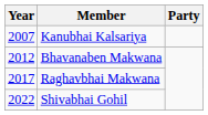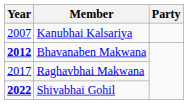 <table class="wikitable sortable">
 <tr>
 <th>Year</th>
 <th>Member</th>
 <th colspan="2">Party</th>
 </tr>
 <tr>
 <td><a href='#'>2007</a></td>
 <td><a href='#'>Kanubhai Kalsariya</a></td>
 <td></td>
 </tr>
 <tr>
-<td><a href='#'>2012</a></td>
+<td><strong><a href='#'>2012</a></strong></td>
 <td><a href='#'>Bhavanaben Makwana</a></td>
 </tr>
 <tr>
 <td><a href='#'>2017</a></td>
 <td><a href='#'>Raghavbhai Makwana</a></td>
 </tr>
 <tr>
-<td><a href='#'>2022</a></td>
+<td><strong><a href='#'>2022</a></strong></td>
 <td><a href='#'>Shivabhai Gohil</a></td>
 </tr>
 </table>
